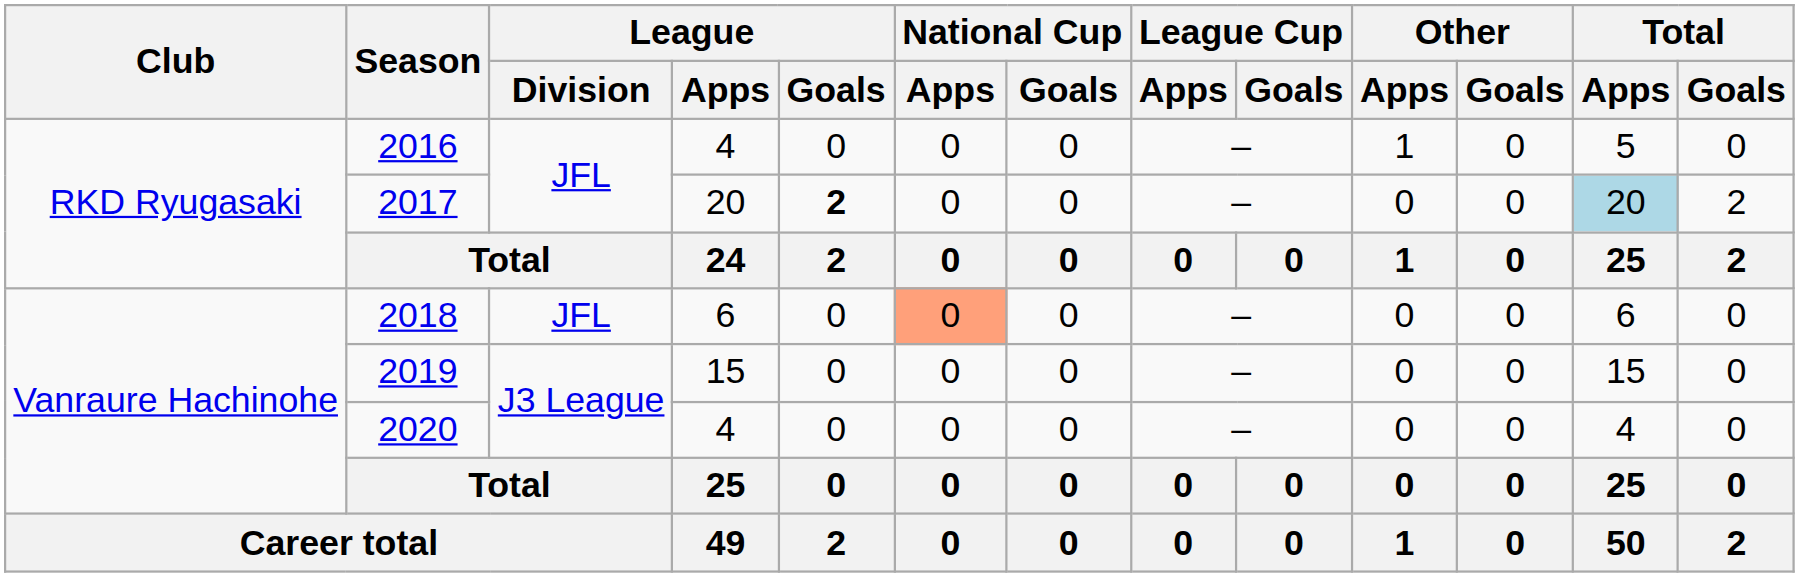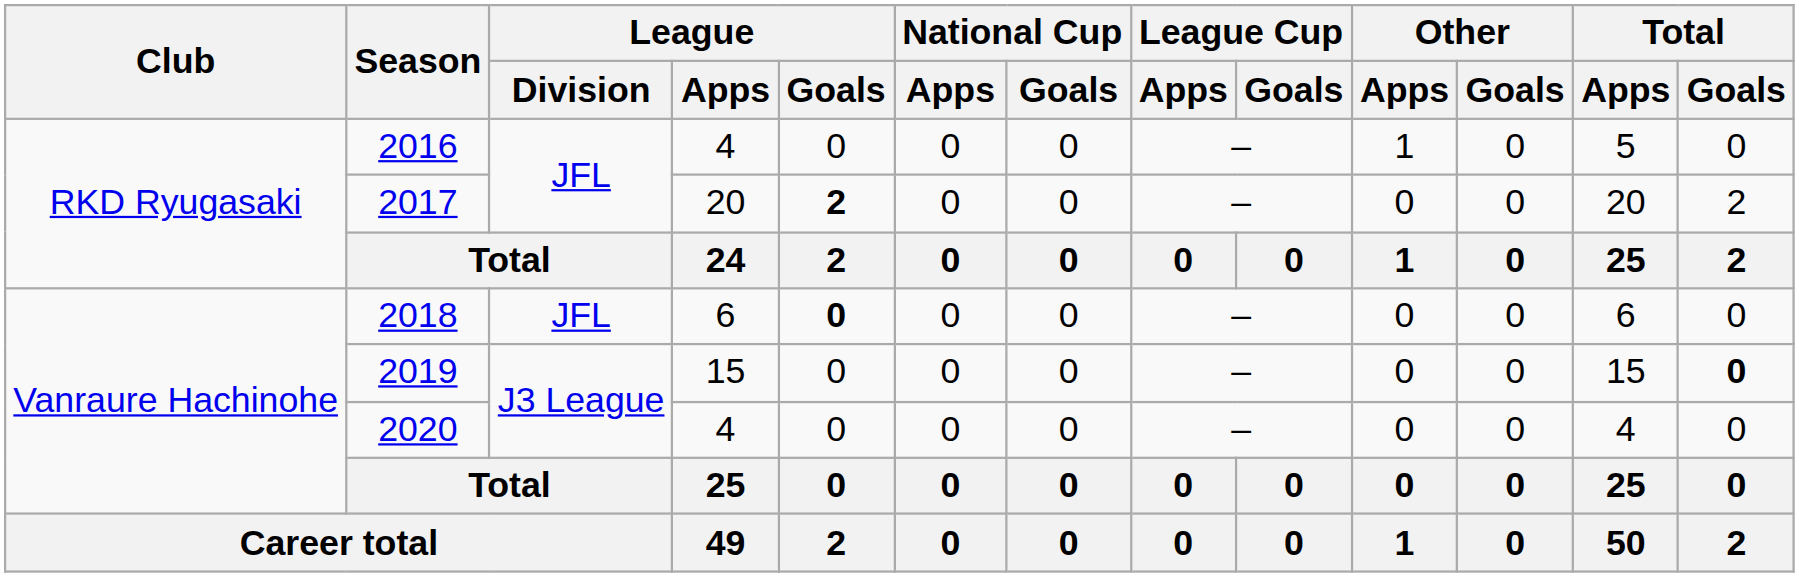 <table class="wikitable" style="text-align: center">
 <tr>
 <th rowspan="2">Club</th>
 <th rowspan="2">Season</th>
 <th colspan="3">League</th>
 <th colspan="2">National Cup</th>
 <th colspan="2">League Cup</th>
 <th colspan="2">Other</th>
 <th colspan="2">Total</th>
 </tr>
 <tr>
 <th>Division</th>
 <th>Apps</th>
 <th>Goals</th>
 <th>Apps</th>
 <th>Goals</th>
 <th>Apps</th>
 <th>Goals</th>
 <th>Apps</th>
 <th>Goals</th>
 <th>Apps</th>
 <th>Goals</th>
 </tr>
 <tr>
 <td rowspan="3"><a href='#'>RKD Ryugasaki</a></td>
 <td><a href='#'>2016</a></td>
 <td rowspan="2"><a href='#'>JFL</a></td>
 <td>4</td>
 <td>0</td>
 <td>0</td>
 <td>0</td>
 <td colspan="2">–</td>
 <td>1</td>
 <td>0</td>
 <td>5</td>
 <td>0</td>
 </tr>
 <tr>
 <td><a href='#'>2017</a></td>
 <td>20</td>
 <td><strong>2</strong></td>
 <td>0</td>
 <td>0</td>
 <td colspan="2">–</td>
 <td>0</td>
 <td>0</td>
-<td style="background: lightblue;">20</td>
+<td>20</td>
 <td>2</td>
 </tr>
 <tr>
 <th colspan=2>Total</th>
 <th>24</th>
 <th>2</th>
 <th>0</th>
 <th>0</th>
 <th>0</th>
 <th>0</th>
 <th>1</th>
 <th>0</th>
 <th>25</th>
 <th>2</th>
 </tr>
 <tr>
 <td rowspan="4"><a href='#'>Vanraure Hachinohe</a></td>
 <td><a href='#'>2018</a></td>
 <td><a href='#'>JFL</a></td>
 <td>6</td>
+<td><strong>0</strong></td>
 <td>0</td>
-<td style="background: lightsalmon;">0</td>
 <td>0</td>
 <td colspan="2">–</td>
 <td>0</td>
 <td>0</td>
 <td>6</td>
 <td>0</td>
 </tr>
 <tr>
 <td><a href='#'>2019</a></td>
 <td rowspan="2"><a href='#'>J3 League</a></td>
 <td>15</td>
 <td>0</td>
 <td>0</td>
 <td>0</td>
 <td colspan="2">–</td>
 <td>0</td>
 <td>0</td>
 <td>15</td>
-<td>0</td>
+<td><strong>0</strong></td>
 </tr>
 <tr>
 <td><a href='#'>2020</a></td>
 <td>4</td>
 <td>0</td>
 <td>0</td>
 <td>0</td>
 <td colspan="2">–</td>
 <td>0</td>
 <td>0</td>
 <td>4</td>
 <td>0</td>
 </tr>
 <tr>
 <th colspan=2>Total</th>
 <th>25</th>
 <th>0</th>
 <th>0</th>
 <th>0</th>
 <th>0</th>
 <th>0</th>
 <th>0</th>
 <th>0</th>
 <th>25</th>
 <th>0</th>
 </tr>
 <tr>
 <th colspan=3>Career total</th>
 <th>49</th>
 <th>2</th>
 <th>0</th>
 <th>0</th>
 <th>0</th>
 <th>0</th>
 <th>1</th>
 <th>0</th>
 <th>50</th>
 <th>2</th>
 </tr>
 </table>
